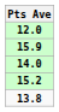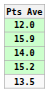 <table class="wikitable" style="text-align: center;">
 <tr>
 <th>Pts Ave</th>
 </tr>
 <tr>
 <td style="background:#ccffcc;"><strong>12.0</strong></td>
 </tr>
 <tr>
 <td style="background:#ccffcc;"><strong>15.9</strong></td>
 </tr>
 <tr>
 <td style="background:#ccffcc;"><strong>14.0</strong></td>
 </tr>
 <tr>
 <td style="background:#ccffcc;"><strong>15.2</strong></td>
 </tr>
 <tr>
-<td><strong>13.8</strong></td>
+<td><strong>13.5</strong></td>
 </tr>
 </table>
